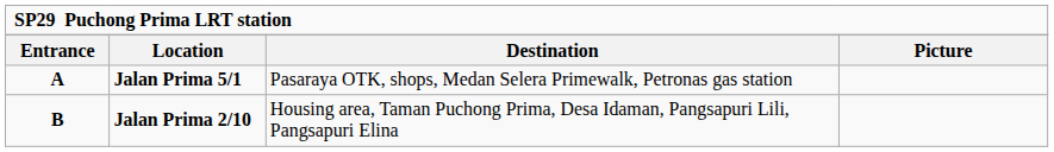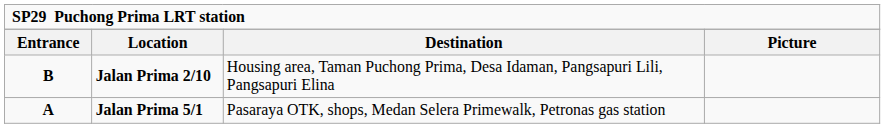 <table class="wikitable" style="width:70%">
 <tr>
 <td colspan=4 bgcolor=><span> <strong>SP29</strong> </span>  <strong>Puchong Prima LRT station</strong></td>
 </tr>
 <tr>
 </tr>
 <tr>
 <th style="width:10%">Entrance</th>
 <th style="width:15%">Location</th>
 <th style="width:55%">Destination</th>
 <th style="width:20%;">Picture</th>
 </tr>
 <tr>
+<td align="center"><strong><span>B</span></strong></td>
+<td><strong>Jalan Prima 2/10</strong></td>
+<td>Housing area, Taman Puchong Prima, Desa Idaman, Pangsapuri Lili, Pangsapuri Elina</td>
+<td></td>
+</tr>
+<tr>
 <td align="center"><strong><span>A</span></strong></td>
 <td><strong>Jalan Prima 5/1</strong></td>
 <td>Pasaraya OTK, shops, Medan Selera Primewalk, Petronas gas station</td>
 <td></td>
 </tr>
-<tr>
-<td align="center"><strong><span>B</span></strong></td>
-<td><strong>Jalan Prima 2/10</strong></td>
-<td>Housing area, Taman Puchong Prima, Desa Idaman, Pangsapuri Lili, Pangsapuri Elina</td>
-<td></td>
-</tr>
 </table>
